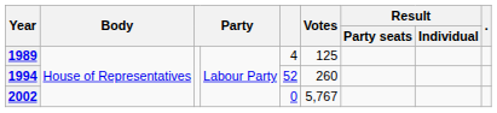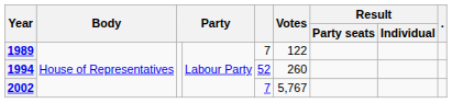 <table class="wikitable plainrowheaders sortable" border=2 cellpadding=4 cellspacing=0 style="border: 1px #aaa solid; font-size: 90%; text-align:center;">
 <tr>
 <th scope="col" rowspan=2>Year</th>
 <th scope="col" rowspan=2>Body</th>
 <th scope="col" colspan=2 rowspan=2>Party</th>
 <th scope="col" rowspan=2></th>
 <th scope="col" rowspan=2>Votes</th>
 <th scope="colgroup" colspan=2>Result</th>
 <th scope="col" rowspan=2 class="unsortable">.</th>
 </tr>
 <tr>
 <th scope="col">Party seats</th>
 <th scope="col">Individual</th>
 </tr>
 <tr>
 <th scope="row"><a href='#'>1989</a></th>
 <td rowspan=3><a href='#'>House of Representatives</a></td>
 <td rowspan=3 style="background-color:"></td>
 <td rowspan=3><a href='#'>Labour Party</a></td>
-<td style=text-align:right>4</td>
-<td style=text-align:right>125</td>
+<td style=text-align:right>7</td>
+<td style=text-align:right>122</td>
 <td style=text-align:right></td>
 <td></td>
 <td></td>
 </tr>
 <tr>
 <th scope="row"><a href='#'>1994</a></th>
 <td style=text-align:right><a href='#'>52</a></td>
 <td style=text-align:right>260</td>
 <td style=text-align:right></td>
 <td></td>
 <td></td>
 </tr>
 <tr>
 <th scope="row"><a href='#'>2002</a></th>
-<td style=text-align:right><a href='#'>0</a></td>
+<td style=text-align:right><a href='#'>7</a></td>
 <td style=text-align:right>5,767</td>
 <td style=text-align:right></td>
 <td></td>
 <td></td>
 </tr>
 </table>
